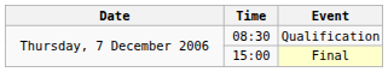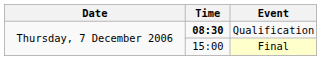 <table class = "wikitable" style="text-align:center;">
 <tr>
 <th width=220>Date</th>
 <th width=50>Time</th>
 <th width=100>Event</th>
 </tr>
 <tr>
 <td rowspan=2>Thursday, 7 December 2006</td>
-<td>08:30</td>
+<td><strong>08:30</strong></td>
 <td>Qualification</td>
 </tr>
 <tr>
 <td>15:00</td>
 <td bgcolor=ffffcc>Final</td>
 </tr>
 </table>
